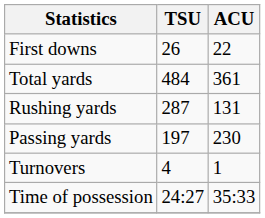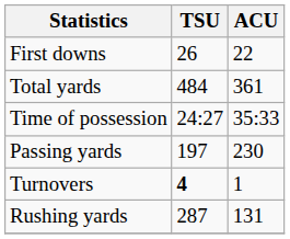 <table class="wikitable">
 <tr>
 <th>Statistics</th>
 <th>TSU</th>
 <th>ACU</th>
 </tr>
 <tr>
 <td>First downs</td>
 <td>26</td>
 <td>22</td>
 </tr>
 <tr>
 <td>Total yards</td>
 <td>484</td>
 <td>361</td>
 </tr>
 <tr>
-<td>Rushing yards</td>
-<td>287</td>
-<td>131</td>
+<td>Time of possession</td>
+<td>24:27</td>
+<td>35:33</td>
 </tr>
 <tr>
 <td>Passing yards</td>
 <td>197</td>
 <td>230</td>
 </tr>
 <tr>
 <td>Turnovers</td>
-<td>4</td>
+<td><strong>4</strong></td>
 <td>1</td>
 </tr>
 <tr>
-<td>Time of possession</td>
-<td>24:27</td>
-<td>35:33</td>
+<td>Rushing yards</td>
+<td>287</td>
+<td>131</td>
 </tr>
 <tr>
 </tr>
 </table>
